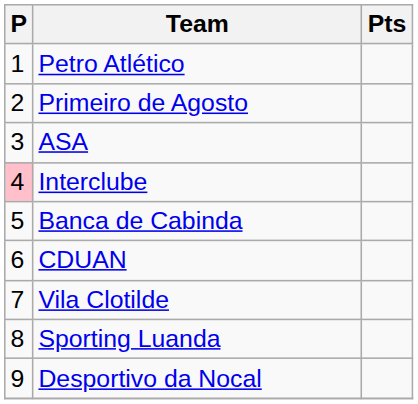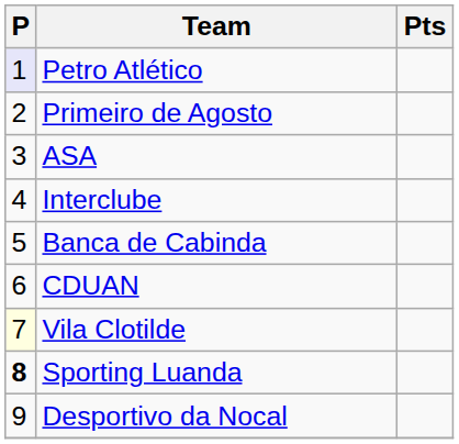 <table class="wikitable">
 <tr>
 <th>P</th>
 <th width=205>Team</th>
 <th>Pts</th>
 </tr>
 <tr>
-<td>1</td>
+<td style="background: lavender;">1</td>
 <td><a href='#'>Petro Atlético</a></td>
 <td></td>
 </tr>
 <tr>
 <td>2</td>
 <td><a href='#'>Primeiro de Agosto</a></td>
 <td></td>
 </tr>
 <tr>
 <td>3</td>
 <td><a href='#'>ASA</a></td>
 <td></td>
 </tr>
 <tr>
-<td style="background: pink;">4</td>
+<td>4</td>
 <td><a href='#'>Interclube</a></td>
 <td></td>
 </tr>
 <tr>
 <td>5</td>
 <td><a href='#'>Banca de Cabinda</a></td>
 <td></td>
 </tr>
 <tr>
 <td>6</td>
 <td><a href='#'>CDUAN</a></td>
 <td></td>
 </tr>
 <tr>
-<td>7</td>
+<td style="background: lightyellow;">7</td>
 <td><a href='#'>Vila Clotilde</a></td>
 <td></td>
 </tr>
 <tr>
-<td>8</td>
+<td><strong>8</strong></td>
 <td><a href='#'>Sporting Luanda</a></td>
 <td></td>
 </tr>
 <tr>
 <td>9</td>
 <td><a href='#'>Desportivo da Nocal</a></td>
 <td></td>
 </tr>
 <tr>
 </tr>
 </table>
